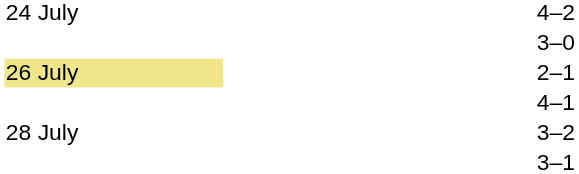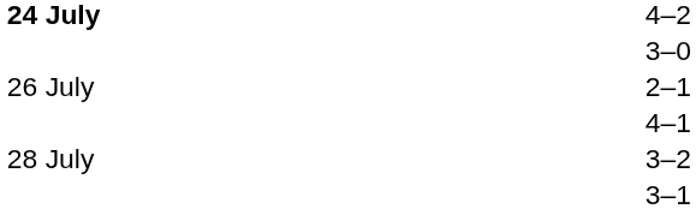 <table cellspacing=1 width=70%>
 <tr>
 <th width=25%></th>
 <th width=30%></th>
 <th width=15%></th>
 <th width=30%></th>
 </tr>
 <tr>
-<td>24 July</td>
+<td><strong>24 July</strong></td>
 <td align=right></td>
 <td align=center>4–2</td>
 <td></td>
 </tr>
 <tr>
 <td></td>
 <td align=right></td>
 <td align=center>3–0</td>
 <td></td>
 </tr>
 <tr>
-<td style="background: khaki;">26 July</td>
+<td>26 July</td>
 <td align=right></td>
 <td align=center>2–1</td>
 <td></td>
 </tr>
 <tr>
 <td></td>
 <td align=right></td>
 <td align=center>4–1</td>
 <td></td>
 </tr>
 <tr>
 <td>28 July</td>
 <td align=right></td>
 <td align=center>3–2</td>
 <td></td>
 </tr>
 <tr>
 <td></td>
 <td align=right></td>
 <td align=center>3–1</td>
 <td></td>
 </tr>
 </table>
